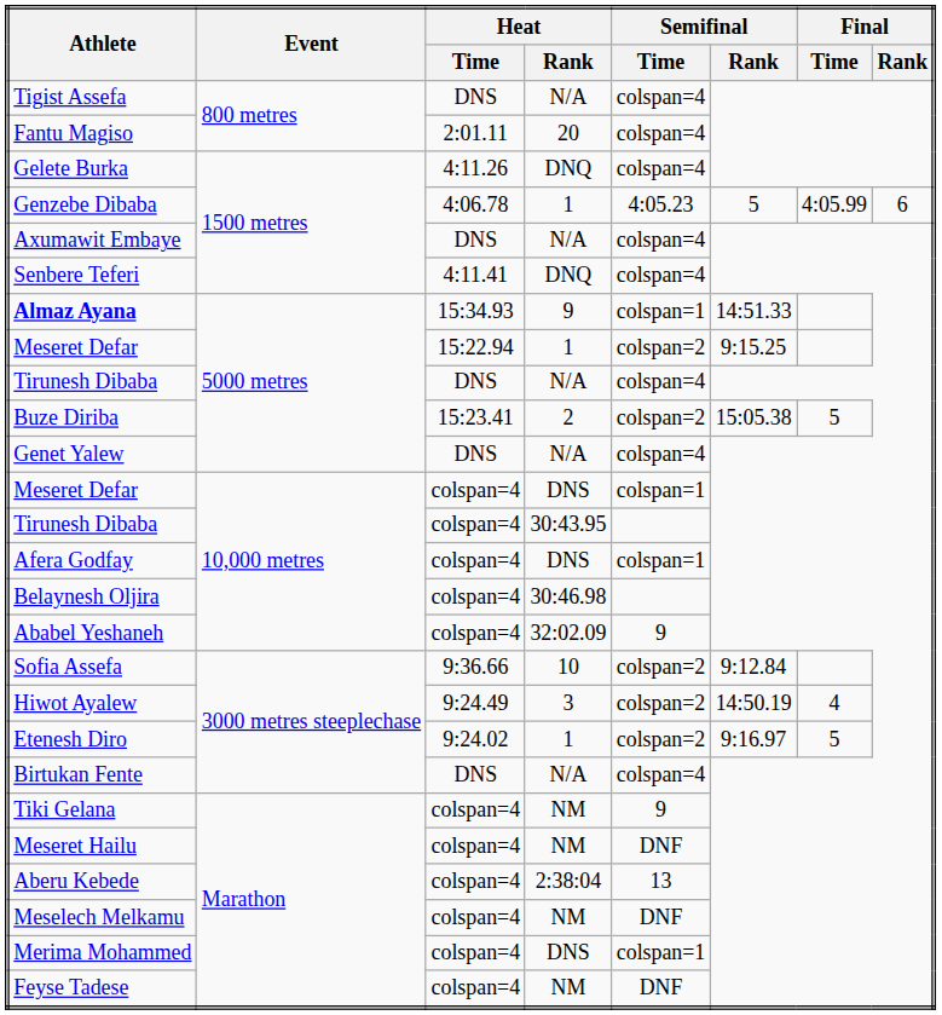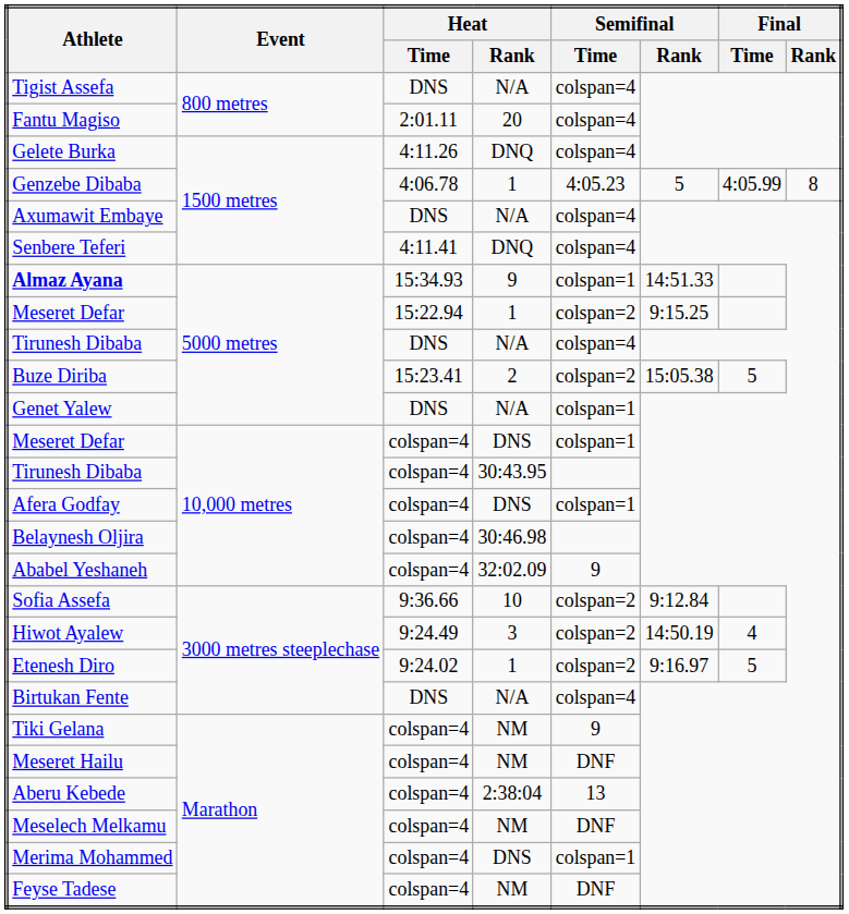 <table class=wikitable style="font-size:90%; border: double;">
 <tr>
 <th rowspan=2>Athlete</th>
 <th rowspan=2>Event</th>
 <th colspan=2>Heat</th>
 <th colspan=2>Semifinal</th>
 <th colspan=2>Final</th>
 </tr>
 <tr>
 <th>Time</th>
 <th>Rank</th>
 <th>Time</th>
 <th>Rank</th>
 <th>Time</th>
 <th>Rank</th>
 </tr>
 <tr>
 <td><a href='#'>Tigist Assefa</a></td>
 <td rowspan=2><a href='#'>800 metres</a></td>
 <td align="center">DNS</td>
 <td align="center">N/A</td>
 <td>colspan=4 </td>
 </tr>
 <tr>
 <td><a href='#'>Fantu Magiso</a></td>
 <td align="center">2:01.11</td>
 <td align="center">20</td>
 <td>colspan=4 </td>
 </tr>
 <tr>
 <td><a href='#'>Gelete Burka</a></td>
 <td rowspan=4><a href='#'>1500 metres</a></td>
 <td align="center">4:11.26</td>
 <td align="center">DNQ</td>
 <td>colspan=4 </td>
 </tr>
 <tr>
 <td><a href='#'>Genzebe Dibaba</a></td>
 <td align="center">4:06.78</td>
 <td align="center">1</td>
 <td align="center">4:05.23</td>
 <td align="center">5</td>
 <td align="center">4:05.99</td>
-<td align="center">6</td>
+<td align="center">8</td>
 </tr>
 <tr>
 <td><a href='#'>Axumawit Embaye</a></td>
 <td align="center">DNS</td>
 <td align="center">N/A</td>
 <td>colspan=4 </td>
 </tr>
 <tr>
 <td><a href='#'>Senbere Teferi</a></td>
 <td align="center">4:11.41</td>
 <td align="center">DNQ</td>
 <td>colspan=4 </td>
 </tr>
 <tr>
 <td><strong><a href='#'>Almaz Ayana</a></strong></td>
 <td rowspan=5><a href='#'>5000 metres</a></td>
 <td align="center">15:34.93</td>
 <td align="center">9</td>
 <td>colspan=1 </td>
 <td align="center">14:51.33</td>
 <td align="center"></td>
 </tr>
 <tr>
 <td><a href='#'>Meseret Defar</a></td>
 <td align="center">15:22.94</td>
 <td align="center">1</td>
 <td>colspan=2 </td>
 <td align="center">9:15.25</td>
 <td align="center"></td>
 </tr>
 <tr>
 <td><a href='#'>Tirunesh Dibaba</a></td>
 <td align="center">DNS</td>
 <td align="center">N/A</td>
 <td>colspan=4 </td>
 </tr>
 <tr>
 <td><a href='#'>Buze Diriba</a></td>
 <td align="center">15:23.41</td>
 <td align="center">2</td>
 <td>colspan=2 </td>
 <td align="center">15:05.38</td>
 <td align="center">5</td>
 </tr>
 <tr>
 <td><a href='#'>Genet Yalew</a></td>
 <td align="center">DNS</td>
 <td align="center">N/A</td>
-<td>colspan=4 </td>
+<td>colspan=1 </td>
 </tr>
 <tr>
 <td><a href='#'>Meseret Defar</a></td>
 <td rowspan=5><a href='#'>10,000 metres</a></td>
 <td>colspan=4 </td>
 <td align="center">DNS</td>
 <td>colspan=1 </td>
 </tr>
 <tr>
 <td><a href='#'>Tirunesh Dibaba</a></td>
 <td>colspan=4 </td>
 <td align="center">30:43.95</td>
 <td align="center"></td>
 </tr>
 <tr>
 <td><a href='#'>Afera Godfay</a></td>
 <td>colspan=4 </td>
 <td align="center">DNS</td>
 <td>colspan=1 </td>
 </tr>
 <tr>
 <td><a href='#'>Belaynesh Oljira</a></td>
 <td>colspan=4 </td>
 <td align="center">30:46.98</td>
 <td align="center"></td>
 </tr>
 <tr>
 <td><a href='#'>Ababel Yeshaneh</a></td>
 <td>colspan=4 </td>
 <td align="center">32:02.09</td>
 <td align="center">9</td>
 </tr>
 <tr>
 <td><a href='#'>Sofia Assefa</a></td>
 <td rowspan=4><a href='#'>3000 metres steeplechase</a></td>
 <td align="center">9:36.66</td>
 <td align="center">10</td>
 <td>colspan=2 </td>
 <td align="center">9:12.84</td>
 <td align="center"></td>
 </tr>
 <tr>
 <td><a href='#'>Hiwot Ayalew</a></td>
 <td align="center">9:24.49</td>
 <td align="center">3</td>
 <td>colspan=2 </td>
 <td align="center">14:50.19</td>
 <td align="center">4</td>
 </tr>
 <tr>
 <td><a href='#'>Etenesh Diro</a></td>
 <td align="center">9:24.02</td>
 <td align="center">1</td>
 <td>colspan=2 </td>
 <td align="center">9:16.97</td>
 <td align="center">5</td>
 </tr>
 <tr>
 <td><a href='#'>Birtukan Fente</a></td>
 <td align="center">DNS</td>
 <td align="center">N/A</td>
 <td>colspan=4 </td>
 </tr>
 <tr>
 <td><a href='#'>Tiki Gelana</a></td>
 <td rowspan=6><a href='#'>Marathon</a></td>
 <td>colspan=4 </td>
 <td align="center">NM</td>
 <td align="center">9</td>
 </tr>
 <tr>
 <td><a href='#'>Meseret Hailu</a></td>
 <td>colspan=4 </td>
 <td align="center">NM</td>
 <td align="center">DNF</td>
 </tr>
 <tr>
 <td><a href='#'>Aberu Kebede</a></td>
 <td>colspan=4 </td>
 <td align="center">2:38:04</td>
 <td align="center">13</td>
 </tr>
 <tr>
 <td><a href='#'>Meselech Melkamu</a></td>
 <td>colspan=4 </td>
 <td align="center">NM</td>
 <td align="center">DNF</td>
 </tr>
 <tr>
 <td><a href='#'>Merima Mohammed</a></td>
 <td>colspan=4 </td>
 <td align="center">DNS</td>
 <td>colspan=1 </td>
 </tr>
 <tr>
 <td><a href='#'>Feyse Tadese</a></td>
 <td>colspan=4 </td>
 <td align="center">NM</td>
 <td align="center">DNF</td>
 </tr>
 </table>
